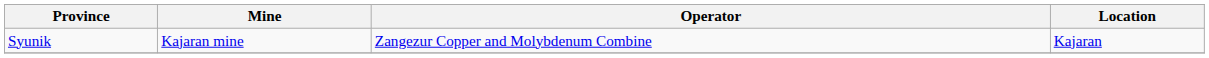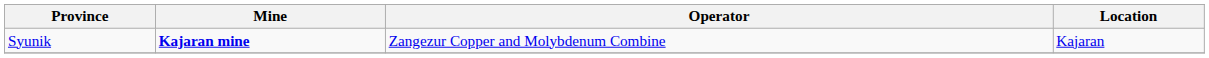 <table class="wikitable" width="100%">
 <tr>
 <th>Province</th>
 <th>Mine</th>
 <th>Operator</th>
 <th>Location</th>
 </tr>
 <tr>
 <td><a href='#'>Syunik</a></td>
-<td><a href='#'>Kajaran mine</a></td>
+<td><strong><a href='#'>Kajaran mine</a></strong></td>
 <td><a href='#'>Zangezur Copper and Molybdenum Combine</a></td>
 <td><a href='#'>Kajaran</a></td>
 </tr>
 <tr>
 </tr>
 </table>
